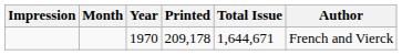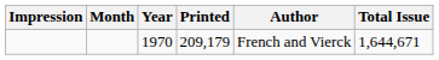 <table class="wikitable">
 <tr>
 <th>Impression</th>
 <th>Month</th>
 <th>Year</th>
 <th>Printed</th>
+<th>Author</th>
 <th>Total Issue</th>
-<th>Author</th>
 </tr>
 <tr>
 <td></td>
 <td></td>
 <td>1970</td>
-<td>209,178</td>
+<td>209,179</td>
+<td>French and Vierck</td>
 <td>1,644,671</td>
-<td>French and Vierck</td>
 </tr>
 </table>
